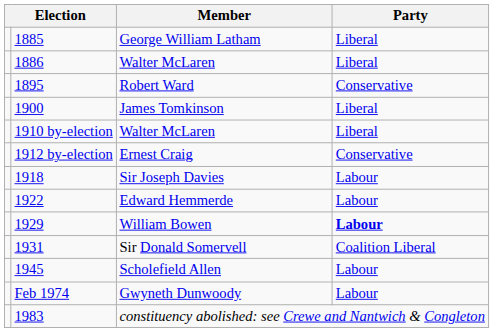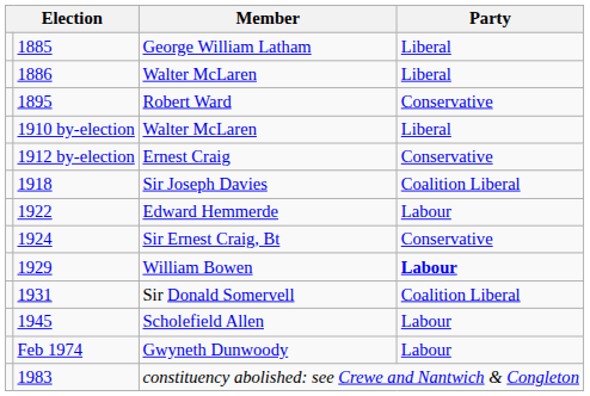 <table class="wikitable">
 <tr>
 <th colspan="2">Election</th>
 <th>Member</th>
 <th>Party</th>
 </tr>
 <tr>
 <td style="color:inherit;background-color: "></td>
 <td><a href='#'>1885</a></td>
 <td><a href='#'>George William Latham</a></td>
 <td><a href='#'>Liberal</a></td>
 </tr>
 <tr>
 <td style="color:inherit;background-color: "></td>
 <td><a href='#'>1886</a></td>
 <td><a href='#'>Walter McLaren</a></td>
 <td><a href='#'>Liberal</a></td>
 </tr>
 <tr>
 <td style="color:inherit;background-color: "></td>
 <td><a href='#'>1895</a></td>
 <td><a href='#'>Robert Ward</a></td>
 <td><a href='#'>Conservative</a></td>
 </tr>
 <tr>
 <td style="color:inherit;background-color: "></td>
-<td><a href='#'>1900</a></td>
-<td><a href='#'>James Tomkinson</a></td>
-<td><a href='#'>Liberal</a></td>
-</tr>
-<tr>
-<td style="color:inherit;background-color: "></td>
 <td><a href='#'>1910 by-election</a></td>
 <td><a href='#'>Walter McLaren</a></td>
 <td><a href='#'>Liberal</a></td>
 </tr>
 <tr>
 <td style="color:inherit;background-color: "></td>
 <td><a href='#'>1912 by-election</a></td>
 <td><a href='#'>Ernest Craig</a></td>
 <td><a href='#'>Conservative</a></td>
 </tr>
 <tr>
 <td style="color:inherit;background-color: "></td>
 <td><a href='#'>1918</a></td>
 <td><a href='#'>Sir Joseph Davies</a></td>
-<td><a href='#'>Labour</a></td>
+<td><a href='#'>Coalition Liberal</a></td>
 </tr>
 <tr>
 <td style="color:inherit;background-color: "></td>
 <td><a href='#'>1922</a></td>
 <td><a href='#'>Edward Hemmerde</a></td>
 <td><a href='#'>Labour</a></td>
+</tr>
+<tr>
+<td style="color:inherit;background-color: "></td>
+<td><a href='#'>1924</a></td>
+<td><a href='#'>Sir Ernest Craig, Bt</a></td>
+<td><a href='#'>Conservative</a></td>
 </tr>
 <tr>
 <td style="color:inherit;background-color: "></td>
 <td><a href='#'>1929</a></td>
 <td><a href='#'>William Bowen</a></td>
 <td><strong><a href='#'>Labour</a></strong></td>
 </tr>
 <tr>
 <td style="color:inherit;background-color: "></td>
 <td><a href='#'>1931</a></td>
 <td>Sir <a href='#'>Donald Somervell</a></td>
 <td><a href='#'>Coalition Liberal</a></td>
 </tr>
 <tr>
 <td style="color:inherit;background-color: "></td>
 <td><a href='#'>1945</a></td>
 <td><a href='#'>Scholefield Allen</a></td>
 <td><a href='#'>Labour</a></td>
 </tr>
 <tr>
 <td style="color:inherit;background-color: "></td>
 <td><a href='#'>Feb 1974</a></td>
 <td><a href='#'>Gwyneth Dunwoody</a></td>
 <td><a href='#'>Labour</a></td>
 </tr>
 <tr>
 <td></td>
 <td><a href='#'>1983</a></td>
 <td colspan="2"><em>constituency abolished: see <a href='#'>Crewe and Nantwich</a> & <a href='#'>Congleton</a></em></td>
 </tr>
 </table>
